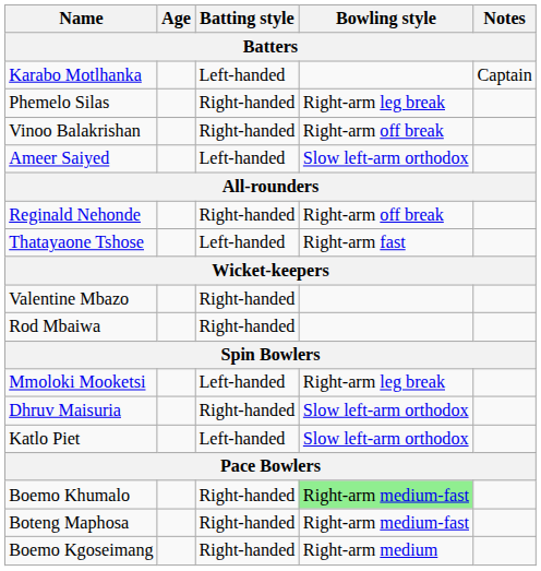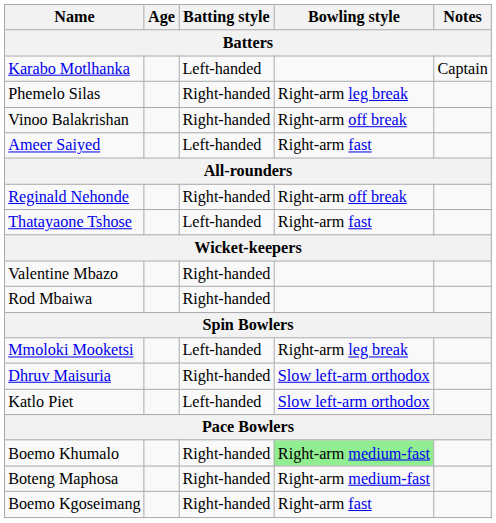 <table class="wikitable">
 <tr>
 <th style="text-align:center;">Name</th>
 <th style="text-align:center;">Age</th>
 <th style="text-align:center;">Batting style</th>
 <th style="text-align:center;">Bowling style</th>
 <th style="text-align:center;">Notes</th>
 </tr>
 <tr>
 <th colspan="5">Batters</th>
 </tr>
 <tr>
 <td><a href='#'>Karabo Motlhanka</a></td>
 <td></td>
 <td>Left-handed</td>
 <td></td>
 <td>Captain</td>
 </tr>
 <tr>
 <td>Phemelo Silas</td>
 <td></td>
 <td>Right-handed</td>
 <td>Right-arm <a href='#'>leg break</a></td>
 <td></td>
 </tr>
 <tr>
 <td>Vinoo Balakrishan</td>
 <td></td>
 <td>Right-handed</td>
 <td>Right-arm <a href='#'>off break</a></td>
 <td></td>
 </tr>
 <tr>
 <td><a href='#'>Ameer Saiyed</a></td>
 <td></td>
 <td>Left-handed</td>
-<td><a href='#'>Slow left-arm orthodox</a></td>
+<td>Right-arm <a href='#'>fast</a></td>
 <td></td>
 </tr>
 <tr>
 <th colspan="5">All-rounders</th>
 </tr>
 <tr>
 <td><a href='#'>Reginald Nehonde</a></td>
 <td></td>
 <td>Right-handed</td>
 <td>Right-arm <a href='#'>off break</a></td>
 <td></td>
 </tr>
 <tr>
 <td><a href='#'>Thatayaone Tshose</a></td>
 <td></td>
 <td>Left-handed</td>
 <td>Right-arm <a href='#'>fast</a></td>
 <td></td>
 </tr>
 <tr>
 <th colspan="5">Wicket-keepers</th>
 </tr>
 <tr>
 <td>Valentine Mbazo</td>
 <td></td>
 <td>Right-handed</td>
 <td></td>
 <td></td>
 </tr>
 <tr>
 <td>Rod Mbaiwa</td>
 <td></td>
 <td>Right-handed</td>
 <td></td>
 <td></td>
 </tr>
 <tr>
 <th colspan="5">Spin Bowlers</th>
 </tr>
 <tr>
 <td><a href='#'>Mmoloki Mooketsi</a></td>
 <td></td>
 <td>Left-handed</td>
 <td>Right-arm <a href='#'>leg break</a></td>
 <td></td>
 </tr>
 <tr>
 <td><a href='#'>Dhruv Maisuria</a></td>
 <td></td>
 <td>Right-handed</td>
 <td><a href='#'>Slow left-arm orthodox</a></td>
 <td></td>
 </tr>
 <tr>
 <td>Katlo Piet</td>
 <td></td>
 <td>Left-handed</td>
 <td><a href='#'>Slow left-arm orthodox</a></td>
 <td></td>
 </tr>
 <tr>
 <th colspan="5">Pace Bowlers</th>
 </tr>
 <tr>
 <td>Boemo Khumalo</td>
 <td></td>
 <td>Right-handed</td>
 <td style="background: lightgreen;">Right-arm <a href='#'>medium-fast</a></td>
 <td></td>
 </tr>
 <tr>
 <td>Boteng Maphosa</td>
 <td></td>
 <td>Right-handed</td>
 <td>Right-arm <a href='#'>medium-fast</a></td>
 <td></td>
 </tr>
 <tr>
 <td>Boemo Kgoseimang</td>
 <td></td>
 <td>Right-handed</td>
-<td>Right-arm <a href='#'>medium</a></td>
+<td>Right-arm <a href='#'>fast</a></td>
 <td></td>
 </tr>
 </table>
